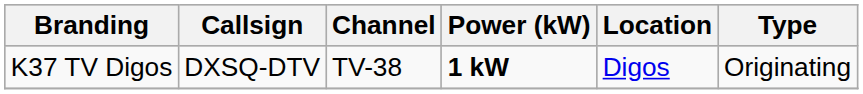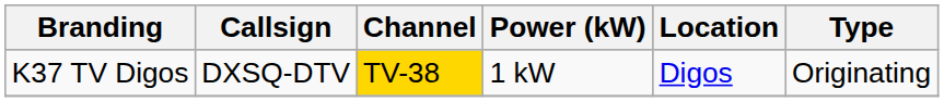 <table class="wikitable">
 <tr>
 <th>Branding</th>
 <th>Callsign</th>
 <th>Channel</th>
 <th>Power (kW)</th>
 <th>Location</th>
 <th>Type</th>
 </tr>
 <tr>
 <td>K37 TV Digos</td>
 <td>DXSQ-DTV</td>
-<td>TV-38</td>
-<td><strong>1 kW</strong></td>
+<td style="background: gold;">TV-38</td>
+<td>1 kW</td>
 <td><a href='#'>Digos</a></td>
 <td>Originating</td>
 </tr>
 <tr>
 </tr>
 </table>
